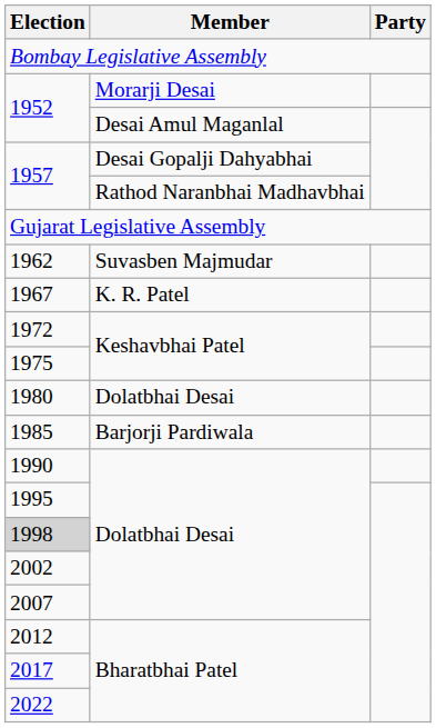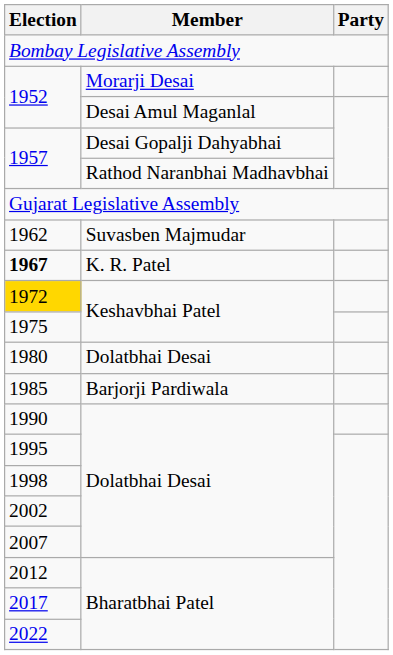 <table class="wikitable sortable">
 <tr>
 <th>Election</th>
 <th>Member</th>
 <th colspan="2">Party</th>
 </tr>
 <tr>
 <td colspan="4"><em><a href='#'>Bombay Legislative Assembly</a></em></td>
 </tr>
 <tr>
 <td rowspan="2"><a href='#'>1952</a></td>
 <td><a href='#'>Morarji Desai</a></td>
 <td></td>
 </tr>
 <tr>
 <td>Desai Amul Maganlal</td>
 </tr>
 <tr>
 <td rowspan="2"><a href='#'>1957</a></td>
 <td>Desai Gopalji Dahyabhai</td>
 </tr>
 <tr>
 <td>Rathod Naranbhai Madhavbhai</td>
 </tr>
 <tr>
 <td colspan="4"><a href='#'>Gujarat Legislative Assembly</a></td>
 </tr>
 <tr>
 <td>1962</td>
 <td>Suvasben Majmudar</td>
 <td></td>
 </tr>
 <tr>
-<td>1967</td>
+<td><strong>1967</strong></td>
 <td>K. R. Patel</td>
 </tr>
 <tr>
-<td>1972</td>
+<td style="background: gold;">1972</td>
 <td rowspan="2">Keshavbhai Patel</td>
 <td></td>
 </tr>
 <tr>
 <td>1975</td>
 </tr>
 <tr>
 <td>1980</td>
 <td>Dolatbhai Desai</td>
 <td></td>
 </tr>
 <tr>
 <td>1985</td>
 <td>Barjorji Pardiwala</td>
 <td></td>
 </tr>
 <tr>
 <td>1990</td>
 <td rowspan="5">Dolatbhai Desai</td>
 <td></td>
 </tr>
 <tr>
 <td>1995</td>
 </tr>
 <tr>
-<td style="background: lightgrey;">1998</td>
+<td>1998</td>
 </tr>
 <tr>
 <td>2002</td>
 </tr>
 <tr>
 <td>2007</td>
 </tr>
 <tr>
 <td>2012</td>
 <td rowspan="3">Bharatbhai Patel</td>
 </tr>
 <tr>
 <td><a href='#'>2017</a></td>
 </tr>
 <tr>
 <td><a href='#'>2022</a></td>
 </tr>
 </table>
